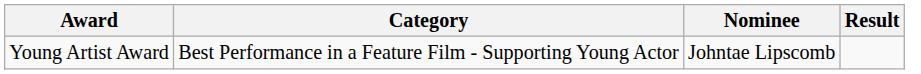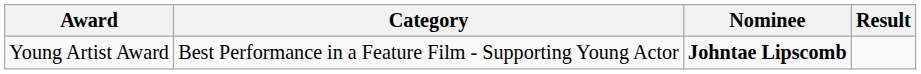 <table class="wikitable sortable">
 <tr>
 <th>Award</th>
 <th>Category</th>
 <th>Nominee</th>
 <th>Result</th>
 </tr>
 <tr>
 <td rowspan="2">Young Artist Award</td>
 <td>Best Performance in a Feature Film - Supporting Young Actor</td>
-<td>Johntae Lipscomb</td>
+<td><strong>Johntae Lipscomb</strong></td>
 <td></td>
 </tr>
 </table>
